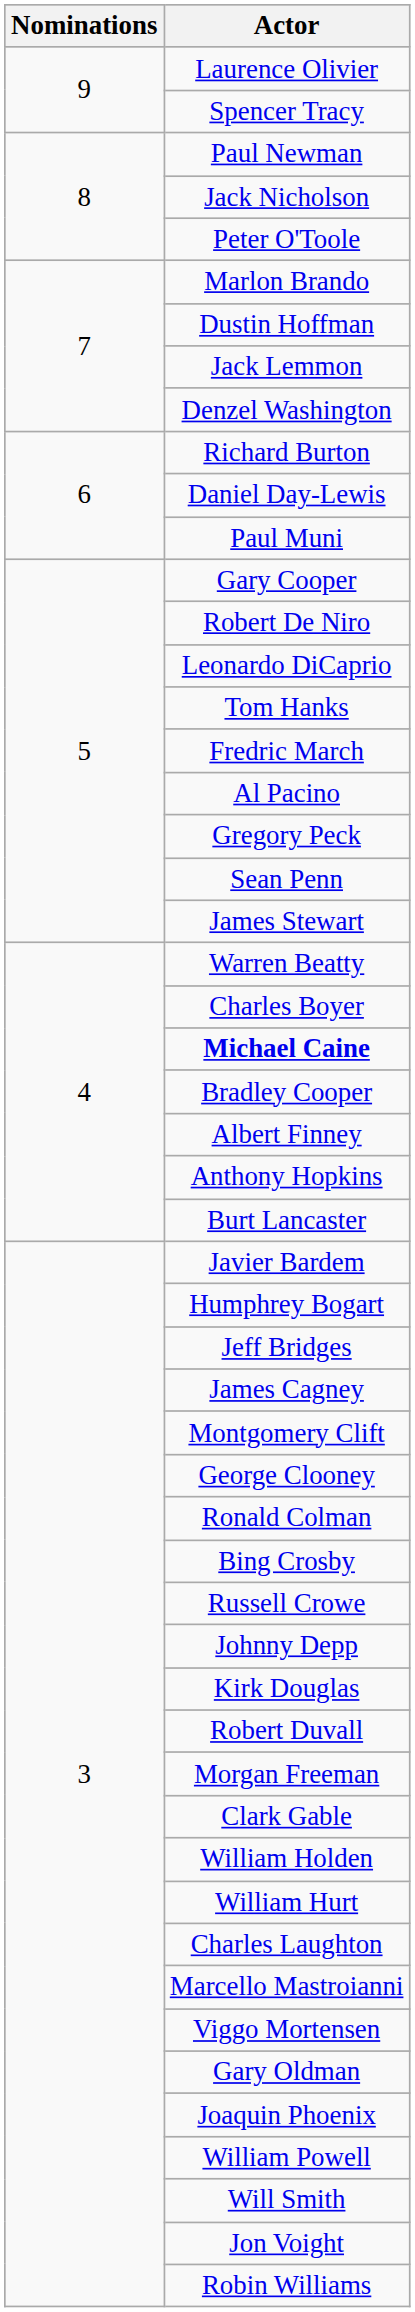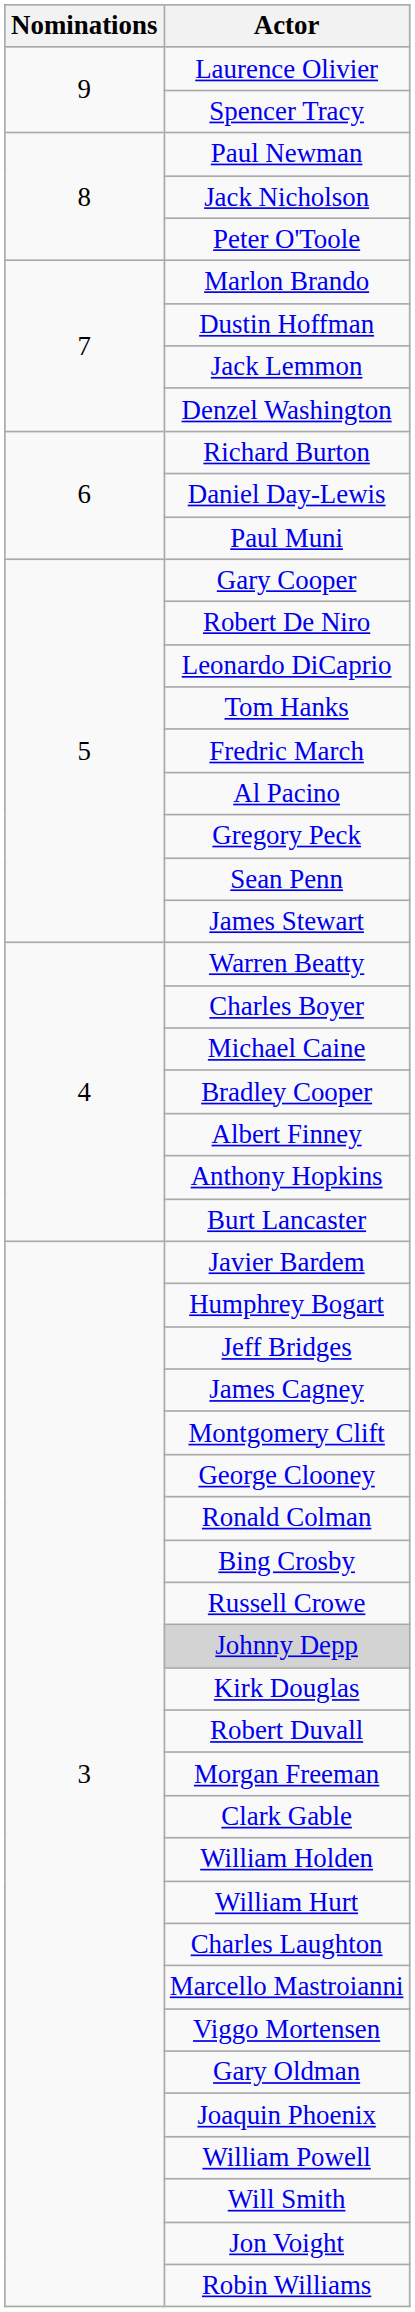 <table class="wikitable" style="text-align:center;">
 <tr>
 <th scope="col" width="55">Nominations</th>
 <th scope="col">Actor</th>
 </tr>
 <tr>
 <td rowspan=2 style="text-align:center">9</td>
 <td><a href='#'>Laurence Olivier</a></td>
 </tr>
 <tr>
 <td><a href='#'>Spencer Tracy</a></td>
 </tr>
 <tr>
 <td rowspan=3 style="text-align:center">8</td>
 <td><a href='#'>Paul Newman</a></td>
 </tr>
 <tr>
 <td><a href='#'>Jack Nicholson</a></td>
 </tr>
 <tr>
 <td><a href='#'>Peter O'Toole</a></td>
 </tr>
 <tr>
 <td rowspan=4 style="text-align:center">7</td>
 <td><a href='#'>Marlon Brando</a></td>
 </tr>
 <tr>
 <td><a href='#'>Dustin Hoffman</a></td>
 </tr>
 <tr>
 <td><a href='#'>Jack Lemmon</a></td>
 </tr>
 <tr>
 <td><a href='#'>Denzel Washington</a></td>
 </tr>
 <tr>
 <td rowspan=3 style="text-align:center">6</td>
 <td><a href='#'>Richard Burton</a></td>
 </tr>
 <tr>
 <td><a href='#'>Daniel Day-Lewis</a></td>
 </tr>
 <tr>
 <td><a href='#'>Paul Muni</a></td>
 </tr>
 <tr>
 <td rowspan=9 style="text-align:center">5</td>
 <td><a href='#'>Gary Cooper</a></td>
 </tr>
 <tr>
 <td><a href='#'>Robert De Niro</a></td>
 </tr>
 <tr>
 <td><a href='#'>Leonardo DiCaprio</a></td>
 </tr>
 <tr>
 <td><a href='#'>Tom Hanks</a></td>
 </tr>
 <tr>
 <td><a href='#'>Fredric March</a></td>
 </tr>
 <tr>
 <td><a href='#'>Al Pacino</a></td>
 </tr>
 <tr>
 <td><a href='#'>Gregory Peck</a></td>
 </tr>
 <tr>
 <td><a href='#'>Sean Penn</a></td>
 </tr>
 <tr>
 <td><a href='#'>James Stewart</a></td>
 </tr>
 <tr>
 <td rowspan=7 style="text-align:center">4</td>
 <td><a href='#'>Warren Beatty</a></td>
 </tr>
 <tr>
 <td><a href='#'>Charles Boyer</a></td>
 </tr>
 <tr>
-<td><strong><a href='#'>Michael Caine</a></strong></td>
+<td><a href='#'>Michael Caine</a></td>
 </tr>
 <tr>
 <td><a href='#'>Bradley Cooper</a></td>
 </tr>
 <tr>
 <td><a href='#'>Albert Finney</a></td>
 </tr>
 <tr>
 <td><a href='#'>Anthony Hopkins</a></td>
 </tr>
 <tr>
 <td><a href='#'>Burt Lancaster</a></td>
 </tr>
 <tr>
 <td rowspan=26 style="text-align:center">3</td>
 <td><a href='#'>Javier Bardem</a></td>
 </tr>
 <tr>
 <td><a href='#'>Humphrey Bogart</a></td>
 </tr>
 <tr>
 <td><a href='#'>Jeff Bridges</a></td>
 </tr>
 <tr>
 <td><a href='#'>James Cagney</a></td>
 </tr>
 <tr>
 <td><a href='#'>Montgomery Clift</a></td>
 </tr>
 <tr>
 <td><a href='#'>George Clooney</a></td>
 </tr>
 <tr>
 <td><a href='#'>Ronald Colman</a></td>
 </tr>
 <tr>
 <td><a href='#'>Bing Crosby</a></td>
 </tr>
 <tr>
 <td><a href='#'>Russell Crowe</a></td>
 </tr>
 <tr>
-<td><a href='#'>Johnny Depp</a></td>
+<td style="background: lightgrey;"><a href='#'>Johnny Depp</a></td>
 </tr>
 <tr>
 <td><a href='#'>Kirk Douglas</a></td>
 </tr>
 <tr>
 <td><a href='#'>Robert Duvall</a></td>
 </tr>
 <tr>
 <td><a href='#'>Morgan Freeman</a></td>
 </tr>
 <tr>
 <td><a href='#'>Clark Gable</a></td>
 </tr>
 <tr>
 <td><a href='#'>William Holden</a></td>
 </tr>
 <tr>
 <td><a href='#'>William Hurt</a></td>
 </tr>
 <tr>
 <td><a href='#'>Charles Laughton</a></td>
 </tr>
 <tr>
 <td><a href='#'>Marcello Mastroianni</a></td>
 </tr>
 <tr>
 <td><a href='#'>Viggo Mortensen</a></td>
 </tr>
 <tr>
 <td><a href='#'>Gary Oldman</a></td>
 </tr>
 <tr>
 <td><a href='#'>Joaquin Phoenix</a></td>
 </tr>
 <tr>
 <td><a href='#'>William Powell</a></td>
 </tr>
 <tr>
 <td><a href='#'>Will Smith</a></td>
 </tr>
 <tr>
 <td><a href='#'>Jon Voight</a></td>
 </tr>
 <tr>
 <td><a href='#'>Robin Williams</a></td>
 </tr>
 </table>
